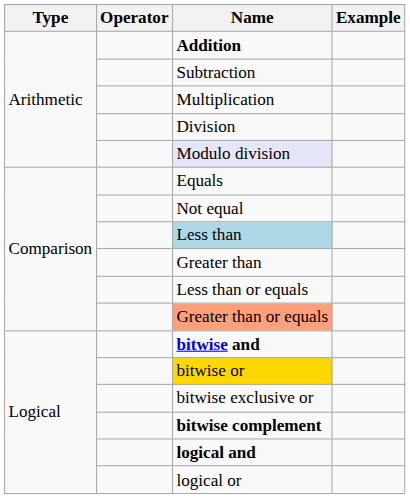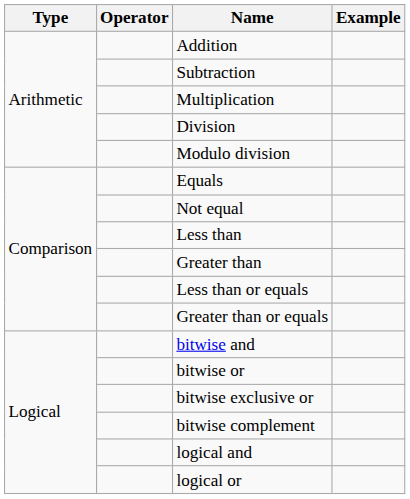 <table class="wikitable">
 <tr>
 <th>Type</th>
 <th>Operator</th>
 <th>Name</th>
 <th>Example</th>
 </tr>
 <tr>
 <td rowspan="5">Arithmetic</td>
 <td></td>
-<td><strong>Addition</strong></td>
+<td>Addition</td>
 <td></td>
 </tr>
 <tr>
 <td></td>
 <td>Subtraction</td>
 <td></td>
 </tr>
 <tr>
 <td></td>
 <td>Multiplication</td>
 <td></td>
 </tr>
 <tr>
 <td></td>
 <td>Division</td>
 <td></td>
 </tr>
 <tr>
 <td></td>
-<td style="background: lavender;">Modulo division</td>
+<td>Modulo division</td>
 <td></td>
 </tr>
 <tr>
 <td rowspan="6">Comparison</td>
 <td></td>
 <td>Equals</td>
 <td></td>
 </tr>
 <tr>
 <td></td>
 <td>Not equal</td>
 <td></td>
 </tr>
 <tr>
 <td></td>
-<td style="background: lightblue;">Less than</td>
+<td>Less than</td>
 <td></td>
 </tr>
 <tr>
 <td></td>
 <td>Greater than</td>
 <td></td>
 </tr>
 <tr>
 <td></td>
 <td>Less than or equals</td>
 <td></td>
 </tr>
 <tr>
 <td></td>
-<td style="background: lightsalmon;">Greater than or equals</td>
+<td>Greater than or equals</td>
 <td></td>
 </tr>
 <tr>
 <td rowspan="6">Logical</td>
 <td></td>
-<td><strong><a href='#'>bitwise</a> and</strong></td>
+<td><a href='#'>bitwise</a> and</td>
 <td></td>
 </tr>
 <tr>
 <td></td>
-<td style="background: gold;">bitwise or</td>
+<td>bitwise or</td>
 <td></td>
 </tr>
 <tr>
 <td></td>
 <td>bitwise exclusive or</td>
 <td></td>
 </tr>
 <tr>
 <td></td>
-<td><strong>bitwise complement</strong></td>
+<td>bitwise complement</td>
 <td></td>
 </tr>
 <tr>
 <td></td>
-<td><strong>logical and</strong></td>
+<td>logical and</td>
 <td></td>
 </tr>
 <tr>
 <td></td>
 <td>logical or</td>
 <td></td>
 </tr>
 </table>
